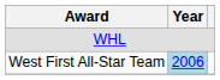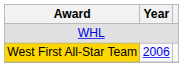 <table class="wikitable">
 <tr>
 <th>Award</th>
 <th>Year</th>
 <th></th>
 </tr>
 <tr ALIGN="center" bgcolor="#e0e0e0">
 <td colspan="3"><a href='#'>WHL</a></td>
 </tr>
 <tr>
-<td>West First All-Star Team</td>
-<td style="background: lightblue;"><a href='#'>2006</a></td>
+<td style="background: gold;">West First All-Star Team</td>
+<td><a href='#'>2006</a></td>
 <td></td>
 </tr>
 <tr>
 </tr>
 </table>
